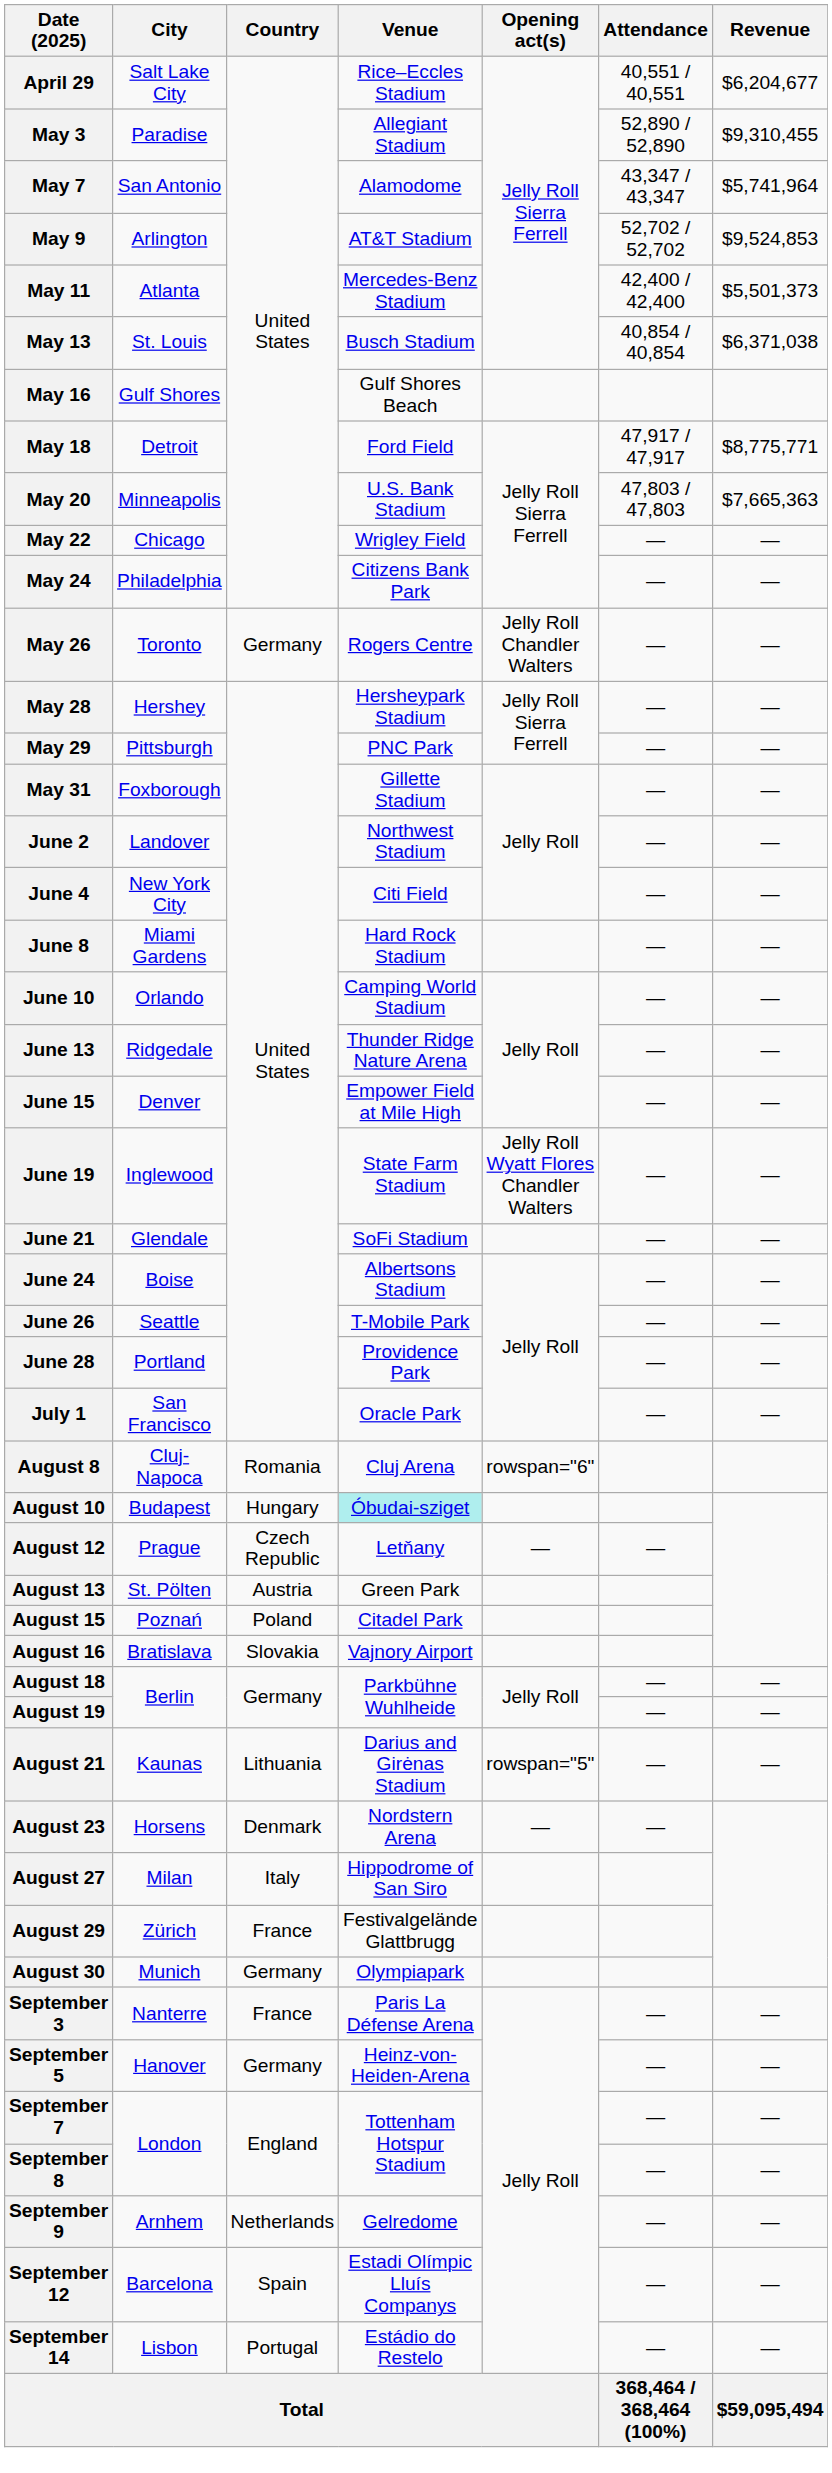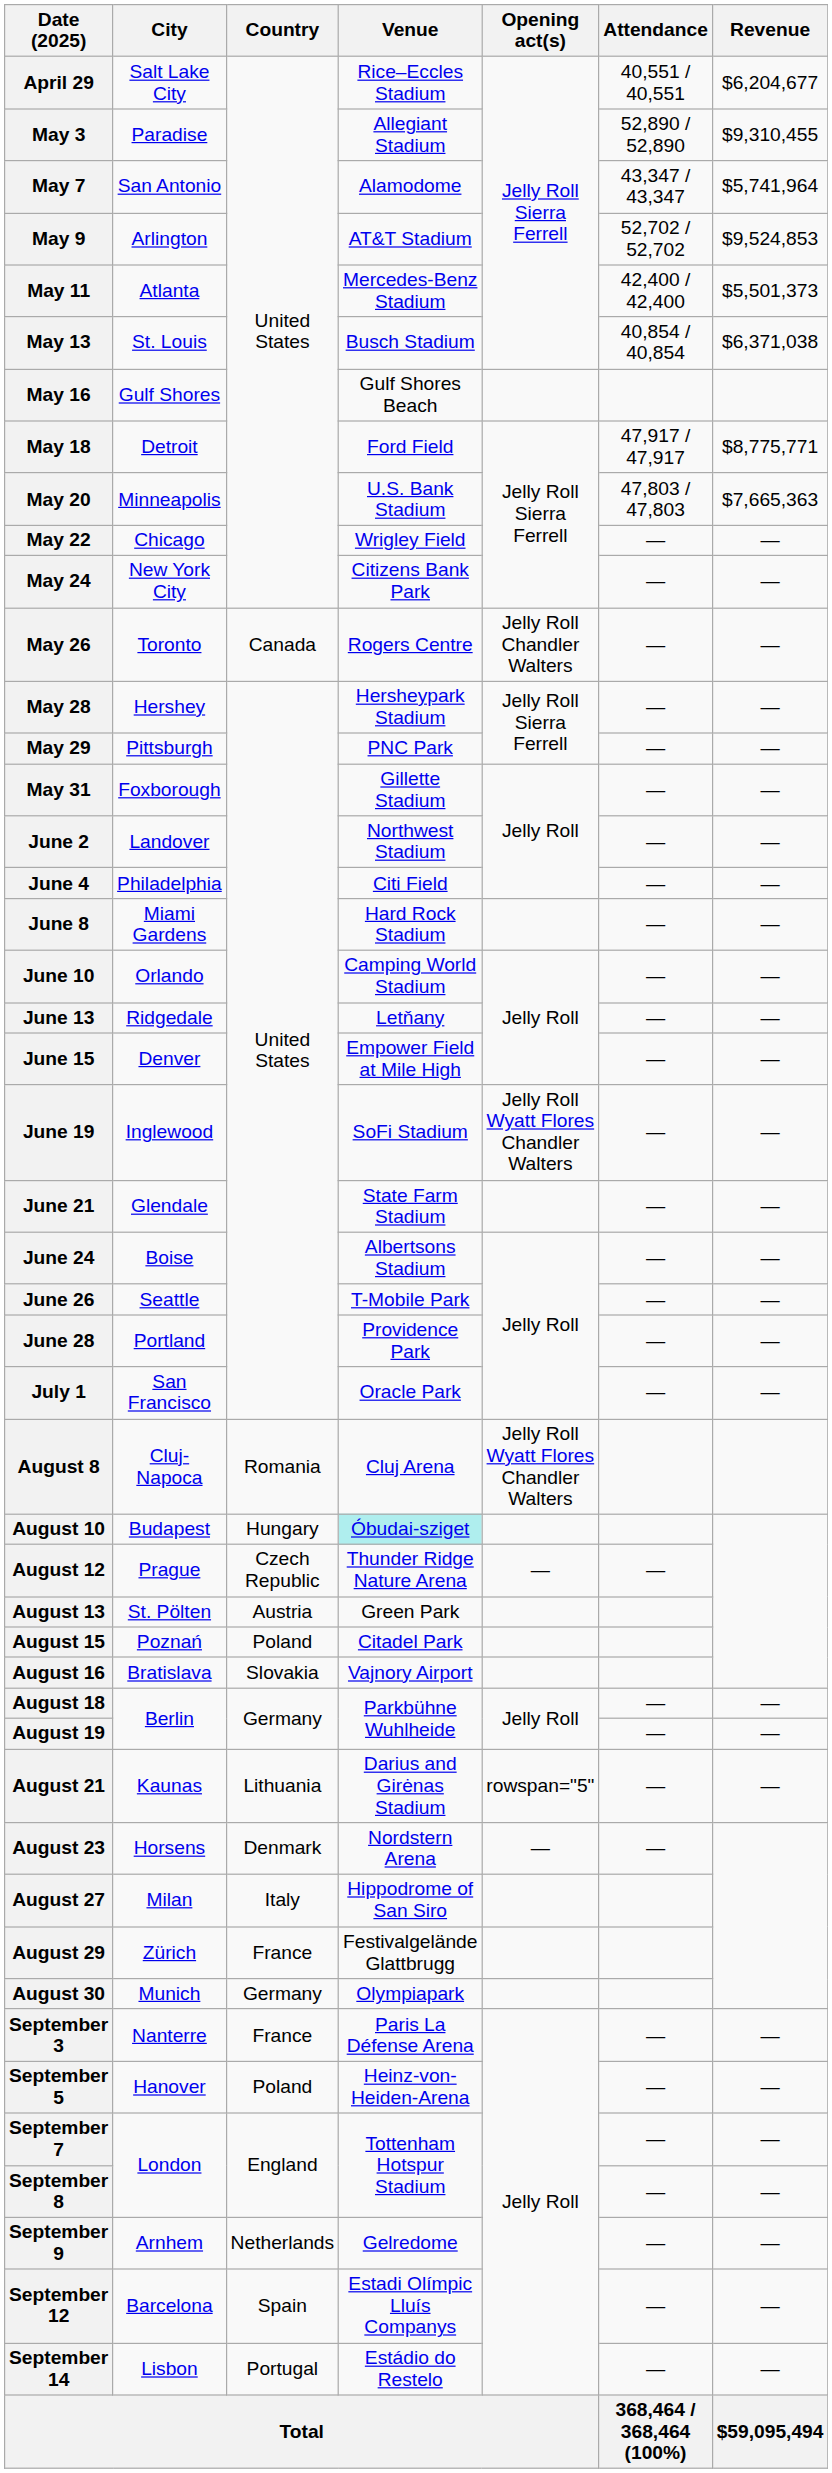 <table class="wikitable plainrowheaders" style="text-align:center;">
 <tr>
 <th scope="col" style="width:10em;">Date (2025)</th>
 <th scope="col" style="width:10em;">City</th>
 <th scope="col" style="width:10em;">Country</th>
 <th scope="col" style="width:20em;">Venue</th>
 <th scope="col" style="width:10em;">Opening act(s)</th>
 <th scope="col" style="width:10em;">Attendance</th>
 <th scope="col" style="width:10em;">Revenue</th>
 </tr>
 <tr>
 <th scope="row" style="text-align:center;">April 29</th>
 <td><a href='#'>Salt Lake City</a></td>
 <td rowspan="11">United States</td>
 <td><a href='#'>Rice–Eccles Stadium</a></td>
 <td rowspan="6"><a href='#'>Jelly Roll</a> <br> <a href='#'>Sierra Ferrell</a></td>
 <td>40,551 / 40,551</td>
 <td>$6,204,677</td>
 </tr>
 <tr>
 <th scope="row" style="text-align:center;">May 3</th>
 <td><a href='#'>Paradise</a></td>
 <td><a href='#'>Allegiant Stadium</a></td>
 <td>52,890 / 52,890</td>
 <td>$9,310,455</td>
 </tr>
 <tr>
 <th scope="row" style="text-align:center;">May 7</th>
 <td><a href='#'>San Antonio</a></td>
 <td><a href='#'>Alamodome</a></td>
 <td>43,347 / 43,347</td>
 <td>$5,741,964</td>
 </tr>
 <tr>
 <th scope="row" style="text-align:center;">May 9</th>
 <td><a href='#'>Arlington</a></td>
 <td><a href='#'>AT&T Stadium</a></td>
 <td>52,702 / 52,702</td>
 <td>$9,524,853</td>
 </tr>
 <tr>
 <th scope="row" style="text-align:center;">May 11</th>
 <td><a href='#'>Atlanta</a></td>
 <td><a href='#'>Mercedes-Benz Stadium</a></td>
 <td>42,400 / 42,400</td>
 <td>$5,501,373</td>
 </tr>
 <tr>
 <th scope="row" style="text-align:center;">May 13</th>
 <td><a href='#'>St. Louis</a></td>
 <td><a href='#'>Busch Stadium</a></td>
 <td>40,854 / 40,854</td>
 <td>$6,371,038</td>
 </tr>
 <tr>
 <th scope="row" style="text-align:center;">May 16</th>
 <td><a href='#'>Gulf Shores</a></td>
 <td>Gulf Shores Beach</td>
 <td></td>
 <td></td>
 <td></td>
 </tr>
 <tr>
 <th scope="row" style="text-align:center;">May 18</th>
 <td><a href='#'>Detroit</a></td>
 <td><a href='#'>Ford Field</a></td>
 <td rowspan="4">Jelly Roll <br> Sierra Ferrell</td>
 <td>47,917 / 47,917</td>
 <td>$8,775,771</td>
 </tr>
 <tr>
 <th scope="row" style="text-align:center;">May 20</th>
 <td><a href='#'>Minneapolis</a></td>
 <td><a href='#'>U.S. Bank Stadium</a></td>
 <td>47,803 / 47,803</td>
 <td>$7,665,363</td>
 </tr>
 <tr>
 <th scope="row" style="text-align:center;">May 22</th>
 <td><a href='#'>Chicago</a></td>
 <td><a href='#'>Wrigley Field</a></td>
 <td>—</td>
 <td>—</td>
 </tr>
 <tr>
 <th scope="row" style="text-align:center;">May 24</th>
-<td><a href='#'>Philadelphia</a></td>
+<td><a href='#'>New York City</a></td>
 <td><a href='#'>Citizens Bank Park</a></td>
 <td>—</td>
 <td>—</td>
 </tr>
 <tr>
 <th scope="row" style="text-align:center;">May 26</th>
 <td><a href='#'>Toronto</a></td>
-<td>Germany</td>
+<td>Canada</td>
 <td><a href='#'>Rogers Centre</a></td>
 <td>Jelly Roll <br> Chandler Walters</td>
 <td>—</td>
 <td>—</td>
 </tr>
 <tr>
 <th scope="row" style="text-align:center;">May 28</th>
 <td><a href='#'>Hershey</a></td>
 <td rowspan="15">United States</td>
 <td><a href='#'>Hersheypark Stadium</a></td>
 <td rowspan="2">Jelly Roll <br> Sierra Ferrell</td>
 <td>—</td>
 <td>—</td>
 </tr>
 <tr>
 <th scope="row" style="text-align:center;">May 29</th>
 <td><a href='#'>Pittsburgh</a></td>
 <td><a href='#'>PNC Park</a></td>
 <td>—</td>
 <td>—</td>
 </tr>
 <tr>
 <th scope="row" style="text-align:center;">May 31</th>
 <td><a href='#'>Foxborough</a></td>
 <td><a href='#'>Gillette Stadium</a></td>
 <td rowspan="3">Jelly Roll</td>
 <td>—</td>
 <td>—</td>
 </tr>
 <tr>
 <th scope="row" style="text-align:center;">June 2</th>
 <td><a href='#'>Landover</a></td>
 <td><a href='#'>Northwest Stadium</a></td>
 <td>—</td>
 <td>—</td>
 </tr>
 <tr>
 <th scope="row" style="text-align:center;">June 4</th>
-<td><a href='#'>New York City</a></td>
+<td><a href='#'>Philadelphia</a></td>
 <td><a href='#'>Citi Field</a></td>
 <td>—</td>
 <td>—</td>
 </tr>
 <tr>
 <th scope="row" style="text-align:center;">June 8</th>
 <td><a href='#'>Miami Gardens</a></td>
 <td><a href='#'>Hard Rock Stadium</a></td>
 <td></td>
 <td>—</td>
 <td>—</td>
 </tr>
 <tr>
 <th scope="row" style="text-align:center;">June 10</th>
 <td><a href='#'>Orlando</a></td>
 <td><a href='#'>Camping World Stadium</a></td>
 <td rowspan="3">Jelly Roll</td>
 <td>—</td>
 <td>—</td>
 </tr>
 <tr>
 <th scope="row" style="text-align:center;">June 13</th>
 <td><a href='#'>Ridgedale</a></td>
-<td><a href='#'>Thunder Ridge Nature Arena</a></td>
+<td><a href='#'>Letňany</a></td>
 <td>—</td>
 <td>—</td>
 </tr>
 <tr>
 <th scope="row" style="text-align:center;">June 15</th>
 <td><a href='#'>Denver</a></td>
 <td><a href='#'>Empower Field at Mile High</a></td>
 <td>—</td>
 <td>—</td>
 </tr>
 <tr>
 <th scope="row" style="text-align:center;">June 19</th>
 <td><a href='#'>Inglewood</a></td>
-<td><a href='#'>State Farm Stadium</a></td>
+<td><a href='#'>SoFi Stadium</a></td>
 <td>Jelly Roll <br> <a href='#'>Wyatt Flores</a> <br> Chandler Walters</td>
 <td>—</td>
 <td>—</td>
 </tr>
 <tr>
 <th scope="row" style="text-align:center;">June 21</th>
 <td><a href='#'>Glendale</a></td>
-<td><a href='#'>SoFi Stadium</a></td>
+<td><a href='#'>State Farm Stadium</a></td>
 <td></td>
 <td>—</td>
 <td>—</td>
 </tr>
 <tr>
 <th scope="row" style="text-align:center;">June 24</th>
 <td><a href='#'>Boise</a></td>
 <td><a href='#'>Albertsons Stadium</a></td>
 <td rowspan="4">Jelly Roll</td>
 <td>—</td>
 <td>—</td>
 </tr>
 <tr>
 <th scope="row" style="text-align:center;">June 26</th>
 <td><a href='#'>Seattle</a></td>
 <td><a href='#'>T-Mobile Park</a></td>
 <td>—</td>
 <td>—</td>
 </tr>
 <tr>
 <th scope="row" style="text-align:center;">June 28</th>
 <td><a href='#'>Portland</a></td>
 <td><a href='#'>Providence Park</a></td>
 <td>—</td>
 <td>—</td>
 </tr>
 <tr>
 <th scope="row" style="text-align:center;">July 1</th>
 <td><a href='#'>San Francisco</a></td>
 <td><a href='#'>Oracle Park</a></td>
 <td>—</td>
 <td>—</td>
 </tr>
 <tr>
 <th scope="row" style="text-align:center;">August 8</th>
 <td><a href='#'>Cluj-Napoca</a></td>
 <td>Romania</td>
 <td><a href='#'>Cluj Arena</a></td>
-<td>rowspan="6" </td>
+<td>Jelly Roll <br> <a href='#'>Wyatt Flores</a> <br> Chandler Walters</td>
 <td></td>
 <td></td>
 </tr>
 <tr>
 <th scope="row" style="text-align:center;">August 10</th>
 <td><a href='#'>Budapest</a></td>
 <td>Hungary</td>
 <td style="background: paleturquoise;"><a href='#'>Óbudai-sziget</a></td>
 <td></td>
 <td></td>
 </tr>
 <tr>
 <th scope="row" style="text-align:center;">August 12</th>
 <td><a href='#'>Prague</a></td>
 <td>Czech Republic</td>
-<td><a href='#'>Letňany</a></td>
+<td><a href='#'>Thunder Ridge Nature Arena</a></td>
 <td>—</td>
 <td>—</td>
 </tr>
 <tr>
 <th scope="row" style="text-align:center;">August 13</th>
 <td><a href='#'>St. Pölten</a></td>
 <td>Austria</td>
 <td>Green Park</td>
 <td></td>
 <td></td>
 </tr>
 <tr>
 <th scope="row" style="text-align:center;">August 15</th>
 <td><a href='#'>Poznań</a></td>
 <td>Poland</td>
 <td><a href='#'>Citadel Park</a></td>
 <td></td>
 <td></td>
 </tr>
 <tr>
 <th scope="row" style="text-align:center;">August 16</th>
 <td><a href='#'>Bratislava</a></td>
 <td>Slovakia</td>
 <td><a href='#'>Vajnory Airport</a></td>
 <td></td>
 <td></td>
 </tr>
 <tr>
 <th scope="row" style="text-align:center;">August 18</th>
 <td rowspan="2"><a href='#'>Berlin</a></td>
 <td rowspan="2">Germany</td>
 <td rowspan="2"><a href='#'>Parkbühne Wuhlheide</a></td>
 <td rowspan="2">Jelly Roll</td>
 <td>—</td>
 <td>—</td>
 </tr>
 <tr>
 <th scope="row" style="text-align:center;">August 19</th>
 <td>—</td>
 <td>—</td>
 </tr>
 <tr>
 <th scope="row" style="text-align:center;">August 21</th>
 <td><a href='#'>Kaunas</a></td>
 <td>Lithuania</td>
 <td><a href='#'>Darius and Girėnas Stadium</a></td>
 <td>rowspan="5" </td>
 <td>—</td>
 <td>—</td>
 </tr>
 <tr>
 <th scope="row" style="text-align:center;">August 23</th>
 <td><a href='#'>Horsens</a></td>
 <td>Denmark</td>
 <td><a href='#'>Nordstern Arena</a></td>
 <td>—</td>
 <td>—</td>
 </tr>
 <tr>
 <th scope="row" style="text-align:center;">August 27</th>
 <td><a href='#'>Milan</a></td>
 <td>Italy</td>
 <td><a href='#'>Hippodrome of San Siro</a></td>
 <td></td>
 <td></td>
 </tr>
 <tr>
 <th scope="row" style="text-align:center;">August 29</th>
 <td><a href='#'>Zürich</a></td>
 <td>France</td>
 <td>Festivalgelände Glattbrugg</td>
 <td></td>
 <td></td>
 </tr>
 <tr>
 <th scope="row" style="text-align:center;">August 30</th>
 <td><a href='#'>Munich</a></td>
 <td>Germany</td>
 <td><a href='#'>Olympiapark</a></td>
 <td></td>
 <td></td>
 </tr>
 <tr>
 <th scope="row" style="text-align:center;">September 3</th>
 <td><a href='#'>Nanterre</a></td>
 <td>France</td>
 <td><a href='#'>Paris La Défense Arena</a></td>
 <td rowspan="7">Jelly Roll</td>
 <td>—</td>
 <td>—</td>
 </tr>
 <tr>
 <th scope="row" style="text-align:center;">September 5</th>
 <td><a href='#'>Hanover</a></td>
-<td>Germany</td>
+<td>Poland</td>
 <td><a href='#'>Heinz-von-Heiden-Arena</a></td>
 <td>—</td>
 <td>—</td>
 </tr>
 <tr>
 <th scope="row" style="text-align:center;">September 7</th>
 <td rowspan="2"><a href='#'>London</a></td>
 <td rowspan="2">England</td>
 <td rowspan="2"><a href='#'>Tottenham Hotspur Stadium</a></td>
 <td>—</td>
 <td>—</td>
 </tr>
 <tr>
 <th scope="row" style="text-align:center;">September 8</th>
 <td>—</td>
 <td>—</td>
 </tr>
 <tr>
 <th scope="row" style="text-align:center;">September 9</th>
 <td><a href='#'>Arnhem</a></td>
 <td>Netherlands</td>
 <td><a href='#'>Gelredome</a></td>
 <td>—</td>
 <td>—</td>
 </tr>
 <tr>
 <th scope="row" style="text-align:center;">September 12</th>
 <td><a href='#'>Barcelona</a></td>
 <td>Spain</td>
 <td><a href='#'>Estadi Olímpic Lluís Companys</a></td>
 <td>—</td>
 <td>—</td>
 </tr>
 <tr>
 <th scope="row" style="text-align:center;">September 14</th>
 <td><a href='#'>Lisbon</a></td>
 <td>Portugal</td>
 <td><a href='#'>Estádio do Restelo</a></td>
 <td>—</td>
 <td>—</td>
 </tr>
 <tr>
 <th colspan="5" scope="row" style="text-align:center;"><strong>Total</strong></th>
 <th>368,464 / 368,464 (100%)</th>
 <th>$59,095,494</th>
 </tr>
 </table>
